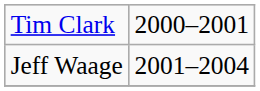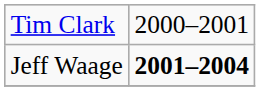 <table class="wikitable">
 <tr>
 <td><a href='#'>Tim Clark</a></td>
 <td>2000–2001</td>
 </tr>
 <tr>
 <td>Jeff Waage</td>
-<td>2001–2004</td>
+<td><strong>2001–2004</strong></td>
 </tr>
 <tr>
 </tr>
 </table>
